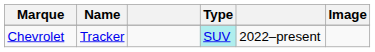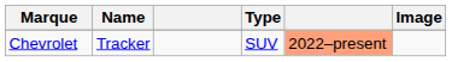 <table class= "wikitable sortable">
 <tr>
 <th width=80px>Marque</th>
 <th>Name</th>
 <th width=80px></th>
 <th>Type</th>
 <th width=100px></th>
 <th>Image</th>
 </tr>
 <tr>
 </tr>
 <tr>
 <td><a href='#'>Chevrolet</a></td>
 <td><a href='#'>Tracker</a></td>
 <td></td>
-<td style="background: paleturquoise;"><a href='#'>SUV</a></td>
-<td>2022–present</td>
+<td><a href='#'>SUV</a></td>
+<td style="background: lightsalmon;">2022–present</td>
 <td></td>
 </tr>
 </table>
